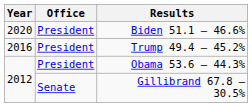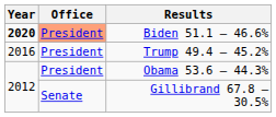 <table class=wikitable>
 <tr>
 <th width="30">Year</th>
 <th width="60">Office</th>
 <th width="180">Results</th>
 </tr>
 <tr>
-<td>2020</td>
-<td><a href='#'>President</a></td>
+<td><strong>2020</strong></td>
+<td style="background: lightsalmon;"><a href='#'>President</a></td>
 <td align="right" ><a href='#'>Biden</a> 51.1 – 46.6%</td>
 </tr>
 <tr>
 <td>2016</td>
 <td><a href='#'>President</a></td>
 <td align="right" ><a href='#'>Trump</a> 49.4 – 45.2%</td>
 </tr>
 <tr>
 <td rowspan="2">2012</td>
 <td><a href='#'>President</a></td>
 <td align="right" ><a href='#'>Obama</a> 53.6 – 44.3%</td>
 </tr>
 <tr>
 <td><a href='#'>Senate</a></td>
 <td align="right" ><a href='#'>Gillibrand</a> 67.8 – 30.5%</td>
 </tr>
 </table>
